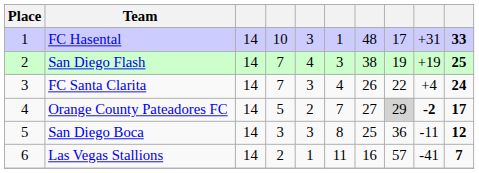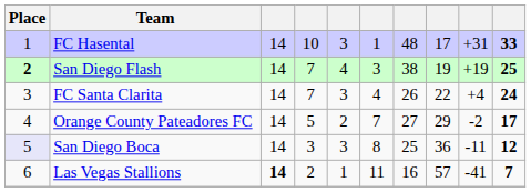 <table class="wikitable" style="text-align: center;">
 <tr>
 <th>Place</th>
 <th width="200">Team</th>
 <th width="25"></th>
 <th width="25"></th>
 <th width="25"></th>
 <th width="25"></th>
 <th width="25"></th>
 <th width="25"></th>
 <th width="25"></th>
 <th width="25"></th>
 </tr>
 <tr bgcolor=#ccccff>
 <td>1</td>
 <td align=left><a href='#'>FC Hasental</a></td>
 <td>14</td>
 <td>10</td>
 <td>3</td>
 <td>1</td>
 <td>48</td>
 <td>17</td>
 <td>+31</td>
 <td><strong>33</strong></td>
 </tr>
 <tr bgcolor=#ccffcc>
-<td>2</td>
+<td><strong>2</strong></td>
 <td align=left><a href='#'>San Diego Flash</a></td>
 <td>14</td>
 <td>7</td>
 <td>4</td>
 <td>3</td>
 <td>38</td>
 <td>19</td>
 <td>+19</td>
 <td><strong>25</strong></td>
 </tr>
 <tr>
 <td>3</td>
 <td align=left><a href='#'>FC Santa Clarita</a></td>
 <td>14</td>
 <td>7</td>
 <td>3</td>
 <td>4</td>
 <td>26</td>
 <td>22</td>
 <td>+4</td>
 <td><strong>24</strong></td>
 </tr>
 <tr>
 <td>4</td>
 <td align=left><a href='#'>Orange County Pateadores FC</a></td>
 <td>14</td>
 <td>5</td>
 <td>2</td>
 <td>7</td>
 <td>27</td>
-<td style="background: lightgrey;">29</td>
-<td><strong>-2</strong></td>
+<td>29</td>
+<td>-2</td>
 <td><strong>17</strong></td>
 </tr>
 <tr>
-<td>5</td>
+<td style="background: lavender;">5</td>
 <td align=left><a href='#'>San Diego Boca</a></td>
 <td>14</td>
 <td>3</td>
 <td>3</td>
 <td>8</td>
 <td>25</td>
 <td>36</td>
 <td>-11</td>
 <td><strong>12</strong></td>
 </tr>
 <tr>
 <td>6</td>
 <td align=left><a href='#'>Las Vegas Stallions</a></td>
-<td>14</td>
+<td><strong>14</strong></td>
 <td>2</td>
 <td>1</td>
 <td>11</td>
 <td>16</td>
 <td>57</td>
 <td>-41</td>
 <td><strong>7</strong></td>
 </tr>
 <tr>
 </tr>
 </table>
